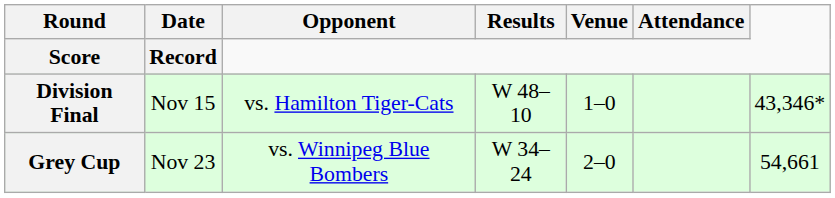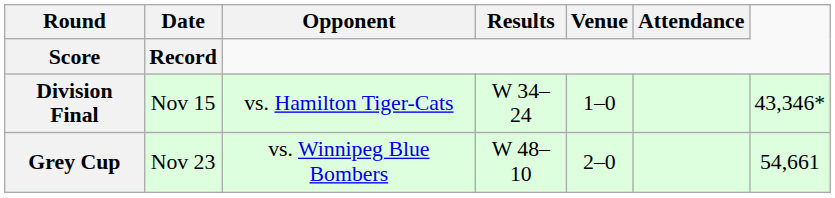 <table class="wikitable" style="text-align:center">
 <tr>
 <th>Round</th>
 <th>Date</th>
 <th>Opponent</th>
 <th>Results</th>
 <th>Venue</th>
 <th>Attendance</th>
 </tr>
 <tr>
 <th>Score</th>
 <th>Record</th>
 </tr>
 <tr align="center" bgcolor="#ddffdd">
 <th>Division Final</th>
 <td>Nov 15</td>
 <td>vs. <a href='#'>Hamilton Tiger-Cats</a></td>
-<td>W 48–10</td>
+<td>W 34–24</td>
 <td>1–0</td>
 <td></td>
 <td>43,346*</td>
 </tr>
 <tr align="center" bgcolor="#ddffdd">
 <th>Grey Cup</th>
 <td>Nov 23</td>
 <td>vs. <a href='#'>Winnipeg Blue Bombers</a></td>
-<td>W 34–24</td>
+<td>W 48–10</td>
 <td>2–0</td>
 <td></td>
 <td>54,661</td>
 </tr>
 </table>
